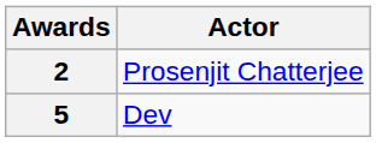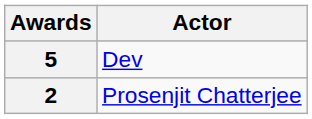 <table class="wikitable" style="display:inline-table;">
 <tr>
 <th>Awards</th>
 <th>Actor</th>
 </tr>
 <tr>
+<th>5</th>
+<td><a href='#'>Dev</a></td>
+</tr>
+<tr>
 <th>2</th>
 <td><a href='#'>Prosenjit Chatterjee</a></td>
 </tr>
-<tr>
-<th>5</th>
-<td><a href='#'>Dev</a></td>
-</tr>
 </table>
